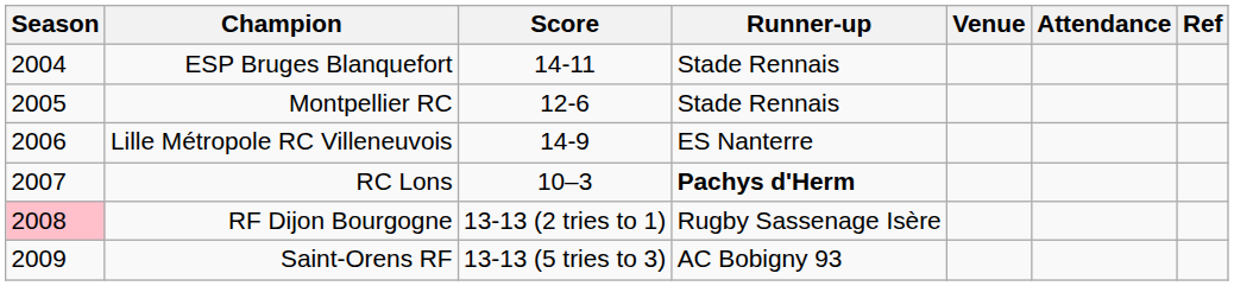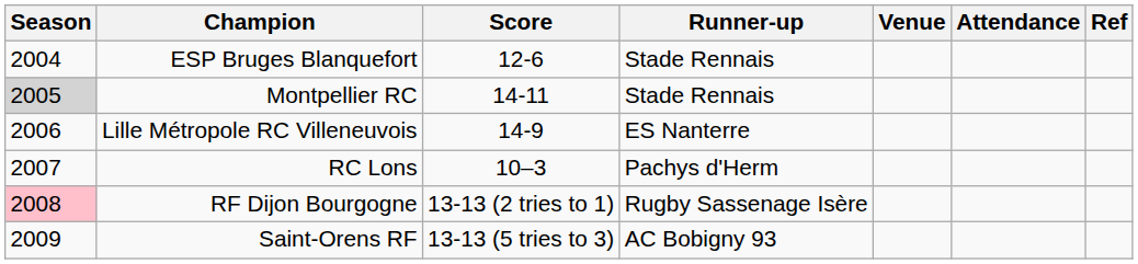 <table class="wikitable">
 <tr>
 <th>Season</th>
 <th> Champion</th>
 <th>Score</th>
 <th> Runner-up</th>
 <th>Venue</th>
 <th>Attendance</th>
 <th>Ref</th>
 </tr>
 <tr>
 <td>2004</td>
 <td style="text-align:right;">ESP Bruges Blanquefort</td>
-<td style="text-align:center;">14-11</td>
+<td style="text-align:center;">12-6</td>
 <td style="text-align:left;">Stade Rennais</td>
 <td></td>
 <td></td>
 <td></td>
 </tr>
 <tr>
-<td>2005</td>
+<td style="background: lightgrey;">2005</td>
 <td style="text-align:right;">Montpellier RC</td>
-<td style="text-align:center;">12-6</td>
+<td style="text-align:center;">14-11</td>
 <td style="text-align:left;">Stade Rennais</td>
 <td></td>
 <td></td>
 <td></td>
 </tr>
 <tr>
 <td>2006</td>
 <td style="text-align:right;">Lille Métropole RC Villeneuvois</td>
 <td style="text-align:center;">14-9</td>
 <td style="text-align:left;">ES Nanterre</td>
 <td></td>
 <td></td>
 <td></td>
 </tr>
 <tr>
 <td>2007</td>
 <td style="text-align:right;">RC Lons</td>
 <td style="text-align:center;">10–3</td>
-<td style="text-align:left;"><strong>Pachys d'Herm</strong></td>
+<td style="text-align:left;">Pachys d'Herm</td>
 <td></td>
 <td></td>
 <td></td>
 </tr>
 <tr>
 <td style="background: pink;">2008</td>
 <td style="text-align:right;">RF Dijon Bourgogne</td>
 <td style="text-align:center;">13-13 (2 tries to 1)</td>
 <td style="text-align:left;">Rugby Sassenage Isère</td>
 <td></td>
 <td></td>
 <td></td>
 </tr>
 <tr>
 <td>2009</td>
 <td style="text-align:right;">Saint-Orens RF</td>
 <td style="text-align:center;">13-13 (5 tries to 3)</td>
 <td style="text-align:left;">AC Bobigny 93</td>
 <td></td>
 <td></td>
 </tr>
 </table>
